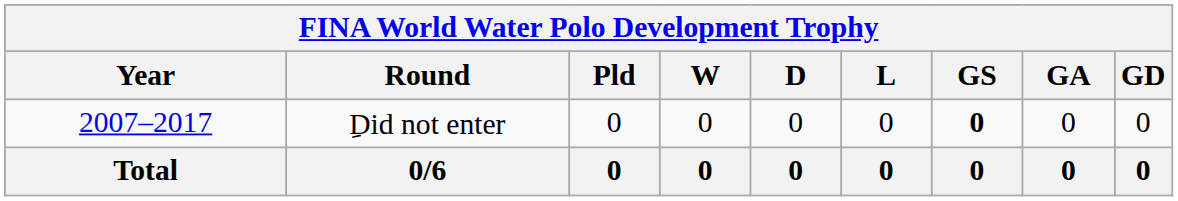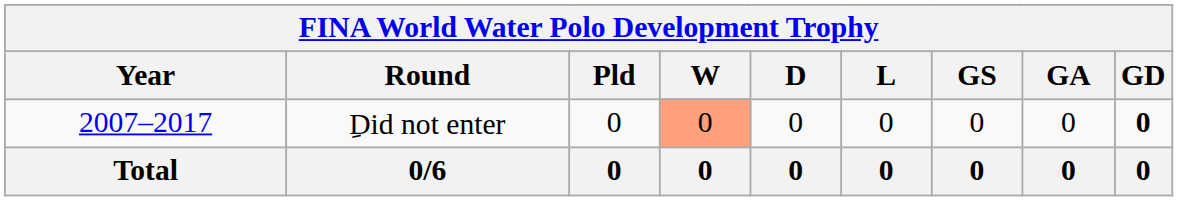 <table class="wikitable" width=50% style="text-align: center;font-size:100%;">
 <tr>
 <th colspan=10><a href='#'>FINA World Water Polo Development Trophy</a></th>
 </tr>
 <tr>
 <th width=25%>Year</th>
 <th width=25%>Round</th>
 <th width=8%>Pld</th>
 <th width=8%>W</th>
 <th width=8%>D</th>
 <th width=8%>L</th>
 <th width=8%>GS</th>
 <th width=8%>GA</th>
 <th width=10%>GD</th>
 </tr>
 <tr>
 <td><a href='#'>2007–2017</a></td>
 <td>ِDid not enter</td>
 <td>0</td>
+<td style="background: lightsalmon;">0</td>
+<td>0</td>
 <td>0</td>
 <td>0</td>
 <td>0</td>
 <td><strong>0</strong></td>
-<td>0</td>
-<td>0</td>
 </tr>
 <tr>
 <th>Total</th>
 <th>0/6</th>
 <th>0</th>
 <th>0</th>
 <th>0</th>
 <th>0</th>
 <th>0</th>
 <th>0</th>
 <th>0</th>
 </tr>
 </table>
